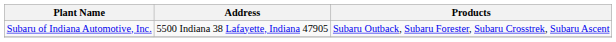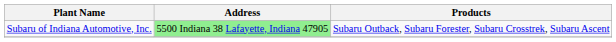 <table class="wikitable">
 <tr>
 <th>Plant Name</th>
 <th>Address</th>
 <th>Products</th>
 </tr>
 <tr --->
 <td><a href='#'>Subaru of Indiana Automotive, Inc.</a></td>
-<td>5500 Indiana 38 <a href='#'>Lafayette, Indiana</a> 47905</td>
+<td style="background: lightgreen;">5500 Indiana 38 <a href='#'>Lafayette, Indiana</a> 47905</td>
 <td><a href='#'>Subaru Outback</a>, <a href='#'>Subaru Forester</a>, <a href='#'>Subaru Crosstrek</a>, <a href='#'>Subaru Ascent</a></td>
 </tr>
 <tr --->
 </tr>
 <tr --->
 </tr>
 </table>
